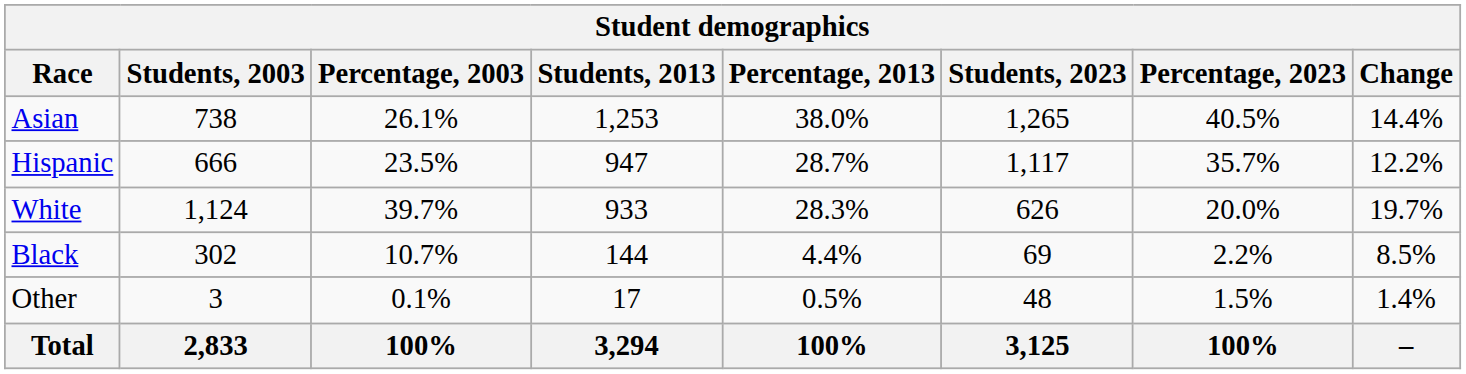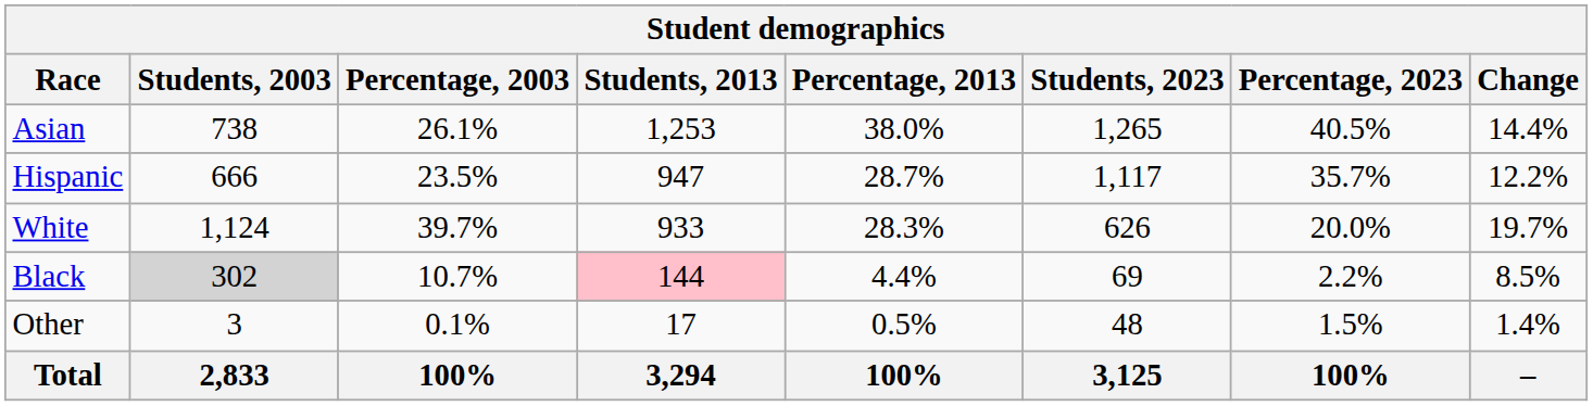 <table class="wikitable sortable" style="float:center">
 <tr>
 <th colspan = 8>Student demographics</th>
 </tr>
 <tr>
 <th>Race</th>
 <th>Students, 2003</th>
 <th>Percentage, 2003</th>
 <th>Students, 2013</th>
 <th>Percentage, 2013</th>
 <th>Students, 2023</th>
 <th>Percentage, 2023</th>
 <th>Change </th>
 </tr>
 <tr>
 <td><a href='#'>Asian</a></td>
 <td align=center>738</td>
 <td align=center>26.1%</td>
 <td align=center>1,253</td>
 <td align=center>38.0%</td>
 <td align=center>1,265</td>
 <td align=center>40.5%</td>
 <td align=center> 14.4%</td>
 </tr>
 <tr>
 <td><a href='#'>Hispanic</a></td>
 <td align=center>666</td>
 <td align=center>23.5%</td>
 <td align=center>947</td>
 <td align=center>28.7%</td>
 <td align=center>1,117</td>
 <td align=center>35.7%</td>
 <td align=center> 12.2%</td>
 </tr>
 <tr>
 <td><a href='#'>White</a></td>
 <td align=center>1,124</td>
 <td align=center>39.7%</td>
 <td align=center>933</td>
 <td align=center>28.3%</td>
 <td align=center>626</td>
 <td align=center>20.0%</td>
 <td align=center> 19.7%</td>
 </tr>
 <tr>
 <td><a href='#'>Black</a></td>
-<td align=center>302</td>
+<td align=center style="background: lightgrey;">302</td>
 <td align=center>10.7%</td>
-<td align=center>144</td>
+<td align=center style="background: pink;">144</td>
 <td align=center>4.4%</td>
 <td align=center>69</td>
 <td align=center>2.2%</td>
 <td align=center> 8.5%</td>
 </tr>
 <tr>
 <td>Other</td>
 <td align=center>3</td>
 <td align=center>0.1%</td>
 <td align=center>17</td>
 <td align=center>0.5%</td>
 <td align=center>48</td>
 <td align=center>1.5%</td>
 <td align=center> 1.4%</td>
 </tr>
 <tr>
 <th>Total</th>
 <th>2,833</th>
 <th>100%</th>
 <th>3,294</th>
 <th>100%</th>
 <th>3,125</th>
 <th>100%</th>
 <th>–</th>
 </tr>
 </table>
